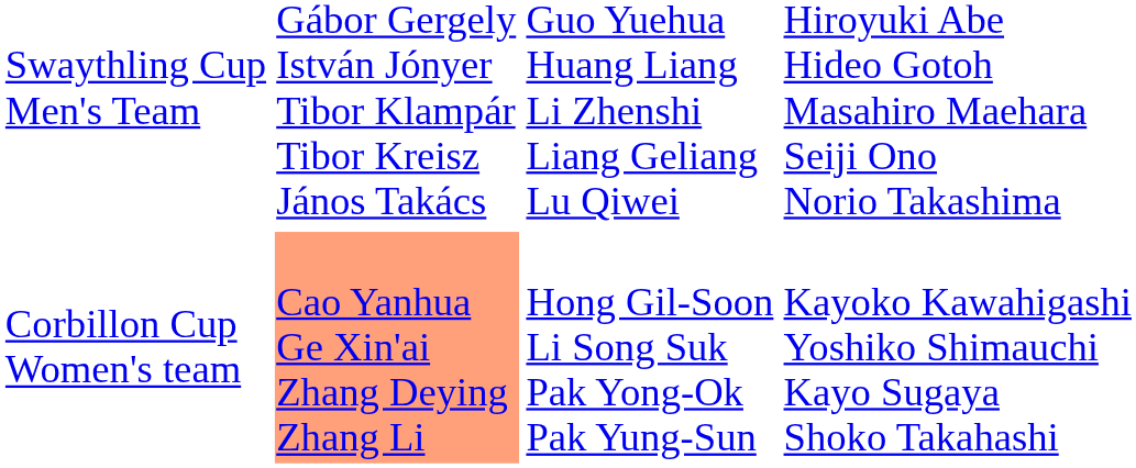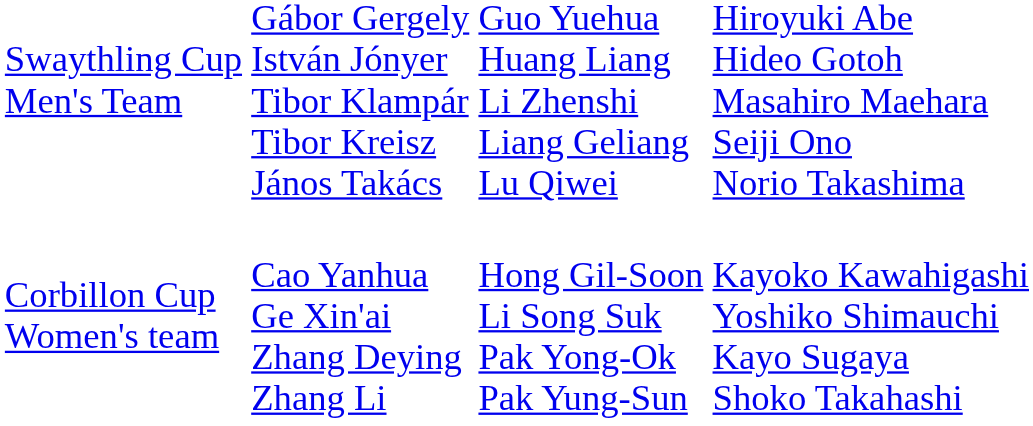 <table>
 <tr>
 <td><a href='#'>Swaythling Cup<br>Men's Team</a></td>
 <td><br><a href='#'>Gábor Gergely</a><br><a href='#'>István Jónyer</a><br><a href='#'>Tibor Klampár</a><br><a href='#'>Tibor Kreisz</a><br><a href='#'>János Takács</a></td>
 <td><br><a href='#'>Guo Yuehua</a><br><a href='#'>Huang Liang</a><br><a href='#'>Li Zhenshi</a><br><a href='#'>Liang Geliang</a><br><a href='#'>Lu Qiwei</a></td>
 <td><br><a href='#'>Hiroyuki Abe</a><br><a href='#'>Hideo Gotoh</a><br><a href='#'>Masahiro Maehara</a><br><a href='#'>Seiji Ono</a><br><a href='#'>Norio Takashima</a></td>
 </tr>
 <tr>
 <td><a href='#'>Corbillon Cup<br>Women's team</a></td>
-<td style="background: lightsalmon;"><br><a href='#'>Cao Yanhua</a><br><a href='#'>Ge Xin'ai</a><br><a href='#'>Zhang Deying</a><br><a href='#'>Zhang Li</a></td>
+<td><br><a href='#'>Cao Yanhua</a><br><a href='#'>Ge Xin'ai</a><br><a href='#'>Zhang Deying</a><br><a href='#'>Zhang Li</a></td>
 <td><br><a href='#'>Hong Gil-Soon</a><br><a href='#'>Li Song Suk</a><br><a href='#'>Pak Yong-Ok</a><br><a href='#'>Pak Yung-Sun</a></td>
 <td><br><a href='#'>Kayoko Kawahigashi</a><br><a href='#'>Yoshiko Shimauchi</a><br><a href='#'>Kayo Sugaya</a><br><a href='#'>Shoko Takahashi</a></td>
 </tr>
 </table>
